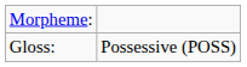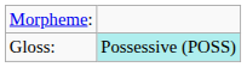 <table class="wikitable">
 <tr>
 <td><a href='#'>Morpheme</a>:</td>
 <td></td>
 </tr>
 <tr>
 <td>Gloss:</td>
-<td>Possessive (POSS)</td>
+<td style="background: paleturquoise;">Possessive (POSS)</td>
 </tr>
 </table>
